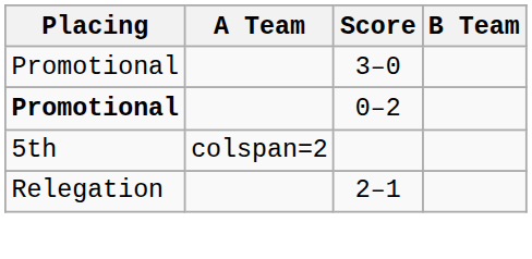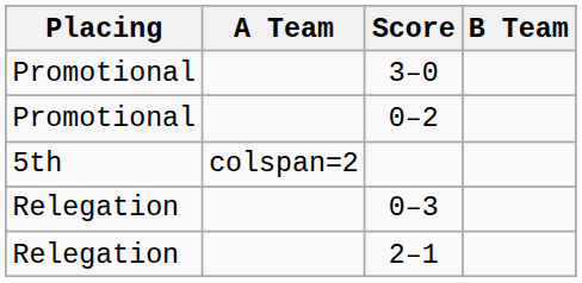 <table class=wikitable style="border:1px solid #AAAAAA;">
 <tr>
 <th>Placing</th>
 <th>A Team</th>
 <th>Score</th>
 <th>B Team</th>
 </tr>
 <tr>
 <td>Promotional</td>
 <td><strong></strong></td>
 <td align="center">3–0</td>
 <td></td>
 </tr>
 <tr>
-<td><strong>Promotional</strong></td>
+<td>Promotional</td>
 <td></td>
 <td align="center">0–2</td>
 <td><strong></strong></td>
 </tr>
 <tr>
 <td>5th</td>
 <td>colspan=2 </td>
 <td></td>
 </tr>
 <tr>
 <td>Relegation</td>
+<td><em></em></td>
+<td align="center">0–3</td>
+<td><strong></strong></td>
+</tr>
+<tr>
+<td>Relegation</td>
 <td><strong></strong></td>
 <td align="center">2–1</td>
 <td><em></em></td>
 </tr>
 </table>
